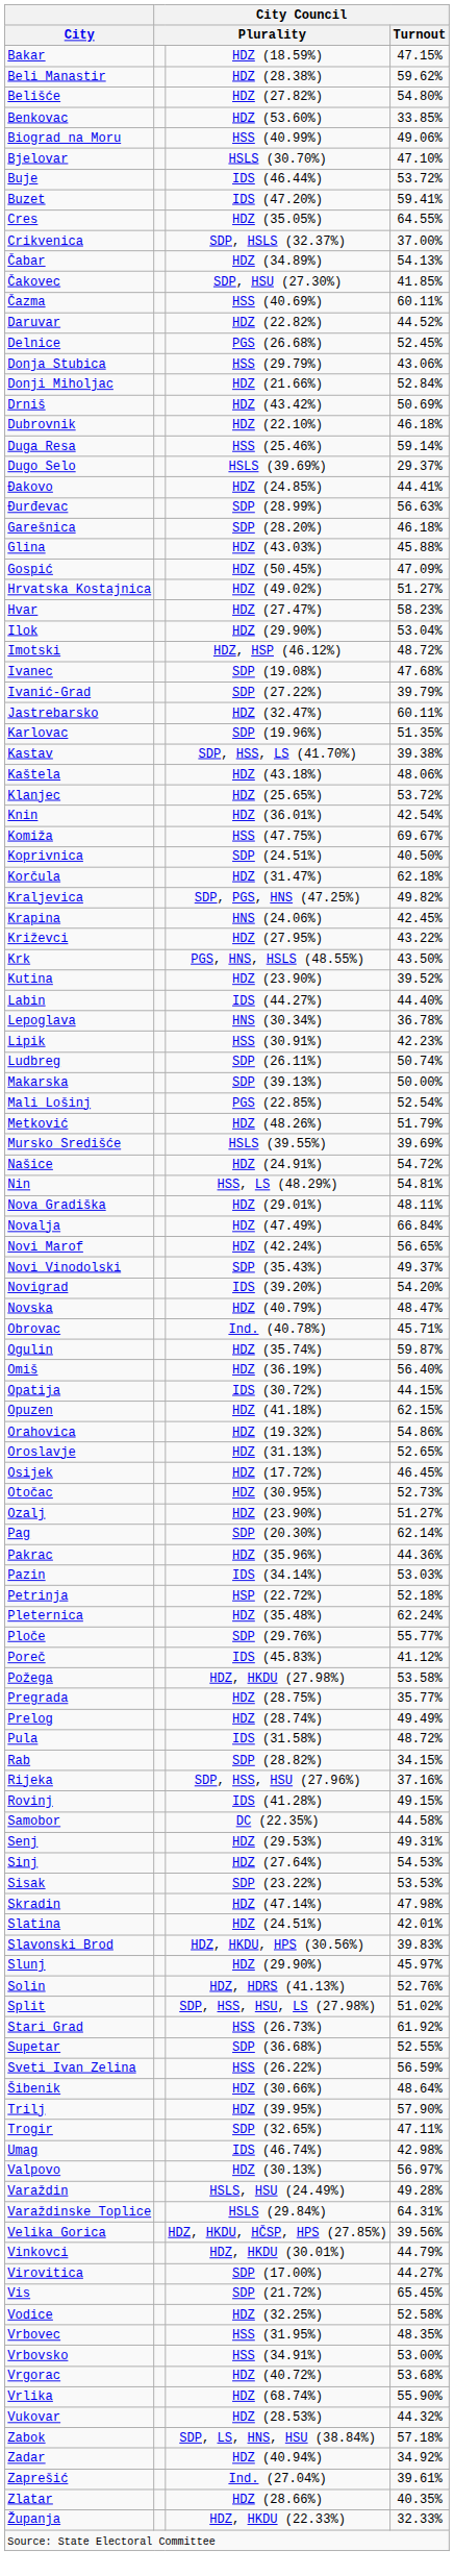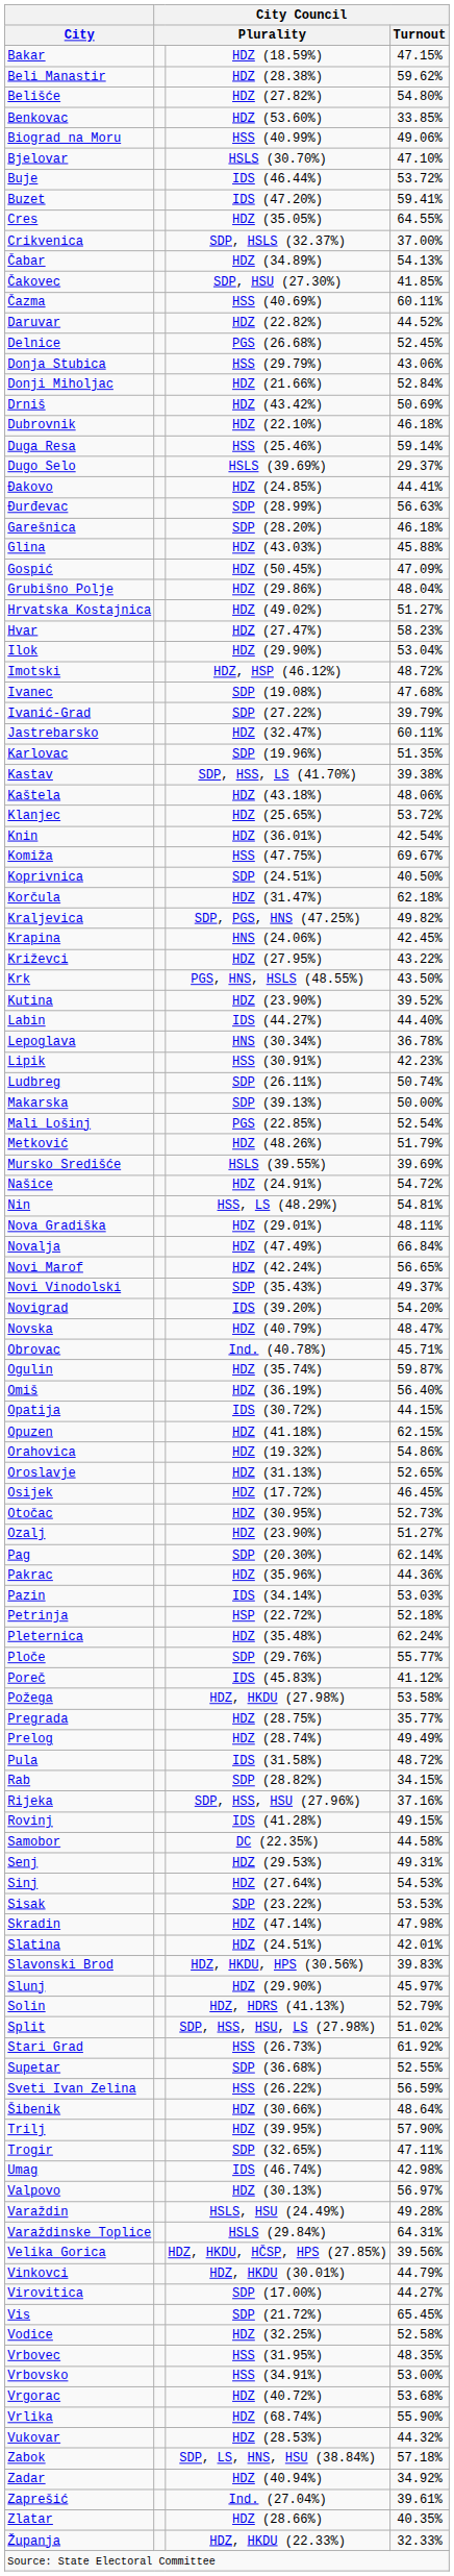 <table class="wikitable sortable">
 <tr>
 <th></th>
 <th class="unsortable" colspan=3>City Council</th>
 </tr>
 <tr>
 <th><a href='#'>City</a></th>
 <th colspan=2>Plurality</th>
 <th>Turnout</th>
 </tr>
 <tr>
 <td><a href='#'>Bakar</a></td>
 <td width=5px style="background-color:"></td>
 <td align=center><a href='#'>HDZ</a> (18.59%)</td>
 <td align=center>47.15%</td>
 </tr>
 <tr>
 <td><a href='#'>Beli Manastir</a></td>
 <td width=5px style="background-color:"></td>
 <td align=center><a href='#'>HDZ</a> (28.38%)</td>
 <td align=center>59.62%</td>
 </tr>
 <tr>
 <td><a href='#'>Belišće</a></td>
 <td width=5px style="background-color:"></td>
 <td align=center><a href='#'>HDZ</a> (27.82%)</td>
 <td align=center>54.80%</td>
 </tr>
 <tr>
 <td><a href='#'>Benkovac</a></td>
 <td width=5px style="background-color:"></td>
 <td align=center><a href='#'>HDZ</a> (53.60%)</td>
 <td align=center>33.85%</td>
 </tr>
 <tr>
 <td><a href='#'>Biograd na Moru</a></td>
 <td width=5px style="background-color:"></td>
 <td align=center><a href='#'>HSS</a> (40.99%)</td>
 <td align=center>49.06%</td>
 </tr>
 <tr>
 <td><a href='#'>Bjelovar</a></td>
 <td width=5px style="background-color:"></td>
 <td align=center><a href='#'>HSLS</a> (30.70%)</td>
 <td align=center>47.10%</td>
 </tr>
 <tr>
 <td><a href='#'>Buje</a></td>
 <td width=5px style="background-color:"></td>
 <td align=center><a href='#'>IDS</a> (46.44%)</td>
 <td align=center>53.72%</td>
 </tr>
 <tr>
 <td><a href='#'>Buzet</a></td>
 <td width=5px style="background-color:"></td>
 <td align=center><a href='#'>IDS</a> (47.20%)</td>
 <td align=center>59.41%</td>
 </tr>
 <tr>
 <td><a href='#'>Cres</a></td>
 <td width=5px style="background-color:"></td>
 <td align=center><a href='#'>HDZ</a> (35.05%)</td>
 <td align=center>64.55%</td>
 </tr>
 <tr>
 <td><a href='#'>Crikvenica</a></td>
 <td width=5px style="background-color:"></td>
 <td align=center><a href='#'>SDP</a>, <a href='#'>HSLS</a> (32.37%)</td>
 <td align=center>37.00%</td>
 </tr>
 <tr>
 <td><a href='#'>Čabar</a></td>
 <td width=5px style="background-color:"></td>
 <td align=center><a href='#'>HDZ</a> (34.89%)</td>
 <td align=center>54.13%</td>
 </tr>
 <tr>
 <td><a href='#'>Čakovec</a></td>
 <td width=5px style="background-color:"></td>
 <td align=center><a href='#'>SDP</a>, <a href='#'>HSU</a> (27.30%)</td>
 <td align=center>41.85%</td>
 </tr>
 <tr>
 <td><a href='#'>Čazma</a></td>
 <td width=5px style="background-color:"></td>
 <td align=center><a href='#'>HSS</a> (40.69%)</td>
 <td align=center>60.11%</td>
 </tr>
 <tr>
 <td><a href='#'>Daruvar</a></td>
 <td width=5px style="background-color:"></td>
 <td align=center><a href='#'>HDZ</a> (22.82%)</td>
 <td align=center>44.52%</td>
 </tr>
 <tr>
 <td><a href='#'>Delnice</a></td>
 <td width=5px style="background-color:"></td>
 <td align=center><a href='#'>PGS</a> (26.68%)</td>
 <td align=center>52.45%</td>
 </tr>
 <tr>
 <td><a href='#'>Donja Stubica</a></td>
 <td width=5px style="background-color:"></td>
 <td align=center><a href='#'>HSS</a> (29.79%)</td>
 <td align=center>43.06%</td>
 </tr>
 <tr>
 <td><a href='#'>Donji Miholjac</a></td>
 <td width=5px style="background-color:"></td>
 <td align=center><a href='#'>HDZ</a> (21.66%)</td>
 <td align=center>52.84%</td>
 </tr>
 <tr>
 <td><a href='#'>Drniš</a></td>
 <td width=5px style="background-color:"></td>
 <td align=center><a href='#'>HDZ</a> (43.42%)</td>
 <td align=center>50.69%</td>
 </tr>
 <tr>
 <td><a href='#'>Dubrovnik</a></td>
 <td width=5px style="background-color:"></td>
 <td align=center><a href='#'>HDZ</a> (22.10%)</td>
 <td align=center>46.18%</td>
 </tr>
 <tr>
 <td><a href='#'>Duga Resa</a></td>
 <td width=5px style="background-color:"></td>
 <td align=center><a href='#'>HSS</a> (25.46%)</td>
 <td align=center>59.14%</td>
 </tr>
 <tr>
 <td><a href='#'>Dugo Selo</a></td>
 <td width=5px style="background-color:"></td>
 <td align=center><a href='#'>HSLS</a> (39.69%)</td>
 <td align=center>29.37%</td>
 </tr>
 <tr>
 <td><a href='#'>Đakovo</a></td>
 <td width=5px style="background-color:"></td>
 <td align=center><a href='#'>HDZ</a> (24.85%)</td>
 <td align=center>44.41%</td>
 </tr>
 <tr>
 <td><a href='#'>Đurđevac</a></td>
 <td width=5px style="background-color:"></td>
 <td align=center><a href='#'>SDP</a> (28.99%)</td>
 <td align=center>56.63%</td>
 </tr>
 <tr>
 <td><a href='#'>Garešnica</a></td>
 <td width=5px style="background-color:"></td>
 <td align=center><a href='#'>SDP</a> (28.20%)</td>
 <td align=center>46.18%</td>
 </tr>
 <tr>
 <td><a href='#'>Glina</a></td>
 <td width=5px style="background-color:"></td>
 <td align=center><a href='#'>HDZ</a> (43.03%)</td>
 <td align=center>45.88%</td>
 </tr>
 <tr>
 <td><a href='#'>Gospić</a></td>
 <td width=5px style="background-color:"></td>
 <td align=center><a href='#'>HDZ</a> (50.45%)</td>
 <td align=center>47.09%</td>
+</tr>
+<tr>
+<td><a href='#'>Grubišno Polje</a></td>
+<td width=5px style="background-color:"></td>
+<td align=center><a href='#'>HDZ</a> (29.86%)</td>
+<td align=center>48.04%</td>
 </tr>
 <tr>
 <td><a href='#'>Hrvatska Kostajnica</a></td>
 <td width=5px style="background-color:"></td>
 <td align=center><a href='#'>HDZ</a> (49.02%)</td>
 <td align=center>51.27%</td>
 </tr>
 <tr>
 <td><a href='#'>Hvar</a></td>
 <td width=5px style="background-color:"></td>
 <td align=center><a href='#'>HDZ</a> (27.47%)</td>
 <td align=center>58.23%</td>
 </tr>
 <tr>
 <td><a href='#'>Ilok</a></td>
 <td width=5px style="background-color:"></td>
 <td align=center><a href='#'>HDZ</a> (29.90%)</td>
 <td align=center>53.04%</td>
 </tr>
 <tr>
 <td><a href='#'>Imotski</a></td>
 <td width=5px style="background-color:"></td>
 <td align=center><a href='#'>HDZ</a>, <a href='#'>HSP</a> (46.12%)</td>
 <td align=center>48.72%</td>
 </tr>
 <tr>
 <td><a href='#'>Ivanec</a></td>
 <td width=5px style="background-color:"></td>
 <td align=center><a href='#'>SDP</a> (19.08%)</td>
 <td align=center>47.68%</td>
 </tr>
 <tr>
 <td><a href='#'>Ivanić-Grad</a></td>
 <td width=5px style="background-color:"></td>
 <td align=center><a href='#'>SDP</a> (27.22%)</td>
 <td align=center>39.79%</td>
 </tr>
 <tr>
 <td><a href='#'>Jastrebarsko</a></td>
 <td width=5px style="background-color:"></td>
 <td align=center><a href='#'>HDZ</a> (32.47%)</td>
 <td align=center>60.11%</td>
 </tr>
 <tr>
 <td><a href='#'>Karlovac</a></td>
 <td width=5px style="background-color:"></td>
 <td align=center><a href='#'>SDP</a> (19.96%)</td>
 <td align=center>51.35%</td>
 </tr>
 <tr>
 <td><a href='#'>Kastav</a></td>
 <td width=5px style="background-color:"></td>
 <td align=center><a href='#'>SDP</a>, <a href='#'>HSS</a>, <a href='#'>LS</a> (41.70%)</td>
 <td align=center>39.38%</td>
 </tr>
 <tr>
 <td><a href='#'>Kaštela</a></td>
 <td width=5px style="background-color:"></td>
 <td align=center><a href='#'>HDZ</a> (43.18%)</td>
 <td align=center>48.06%</td>
 </tr>
 <tr>
 <td><a href='#'>Klanjec</a></td>
 <td width=5px style="background-color:"></td>
 <td align=center><a href='#'>HDZ</a> (25.65%)</td>
 <td align=center>53.72%</td>
 </tr>
 <tr>
 <td><a href='#'>Knin</a></td>
 <td width=5px style="background-color:"></td>
 <td align=center><a href='#'>HDZ</a> (36.01%)</td>
 <td align=center>42.54%</td>
 </tr>
 <tr>
 <td><a href='#'>Komiža</a></td>
 <td width=5px style="background-color:"></td>
 <td align=center><a href='#'>HSS</a> (47.75%)</td>
 <td align=center>69.67%</td>
 </tr>
 <tr>
 <td><a href='#'>Koprivnica</a></td>
 <td width=5px style="background-color:"></td>
 <td align=center><a href='#'>SDP</a> (24.51%)</td>
 <td align=center>40.50%</td>
 </tr>
 <tr>
 <td><a href='#'>Korčula</a></td>
 <td width=5px style="background-color:"></td>
 <td align=center><a href='#'>HDZ</a> (31.47%)</td>
 <td align=center>62.18%</td>
 </tr>
 <tr>
 <td><a href='#'>Kraljevica</a></td>
 <td width=5px style="background-color:"></td>
 <td align=center><a href='#'>SDP</a>, <a href='#'>PGS</a>, <a href='#'>HNS</a> (47.25%)</td>
 <td align=center>49.82%</td>
 </tr>
 <tr>
 <td><a href='#'>Krapina</a></td>
 <td width=5px style="background-color:"></td>
 <td align=center><a href='#'>HNS</a> (24.06%)</td>
 <td align=center>42.45%</td>
 </tr>
 <tr>
 <td><a href='#'>Križevci</a></td>
 <td width=5px style="background-color:"></td>
 <td align=center><a href='#'>HDZ</a> (27.95%)</td>
 <td align=center>43.22%</td>
 </tr>
 <tr>
 <td><a href='#'>Krk</a></td>
 <td width=5px style="background-color:"></td>
 <td align=center><a href='#'>PGS</a>, <a href='#'>HNS</a>, <a href='#'>HSLS</a> (48.55%)</td>
 <td align=center>43.50%</td>
 </tr>
 <tr>
 <td><a href='#'>Kutina</a></td>
 <td width=5px style="background-color:"></td>
 <td align=center><a href='#'>HDZ</a> (23.90%)</td>
 <td align=center>39.52%</td>
 </tr>
 <tr>
 <td><a href='#'>Labin</a></td>
 <td width="5px" style="background-color:"></td>
 <td align="center"><a href='#'>IDS</a> (44.27%)</td>
 <td align="center">44.40%</td>
 </tr>
 <tr>
 <td><a href='#'>Lepoglava</a></td>
 <td width=5px style="background-color:"></td>
 <td align=center><a href='#'>HNS</a> (30.34%)</td>
 <td align=center>36.78%</td>
 </tr>
 <tr>
 <td><a href='#'>Lipik</a></td>
 <td width=5px style="background-color:"></td>
 <td align=center><a href='#'>HSS</a> (30.91%)</td>
 <td align=center>42.23%</td>
 </tr>
 <tr>
 <td><a href='#'>Ludbreg</a></td>
 <td width=5px style="background-color:"></td>
 <td align=center><a href='#'>SDP</a> (26.11%)</td>
 <td align=center>50.74%</td>
 </tr>
 <tr>
 <td><a href='#'>Makarska</a></td>
 <td width=5px style="background-color:"></td>
 <td align=center><a href='#'>SDP</a> (39.13%)</td>
 <td align=center>50.00%</td>
 </tr>
 <tr>
 <td><a href='#'>Mali Lošinj</a></td>
 <td width=5px style="background-color:"></td>
 <td align=center><a href='#'>PGS</a> (22.85%)</td>
 <td align=center>52.54%</td>
 </tr>
 <tr>
 <td><a href='#'>Metković</a></td>
 <td width=5px style="background-color:"></td>
 <td align=center><a href='#'>HDZ</a> (48.26%)</td>
 <td align=center>51.79%</td>
 </tr>
 <tr>
 <td><a href='#'>Mursko Središće</a></td>
 <td width=5px style="background-color:"></td>
 <td align=center><a href='#'>HSLS</a> (39.55%)</td>
 <td align=center>39.69%</td>
 </tr>
 <tr>
 <td><a href='#'>Našice</a></td>
 <td width=5px style="background-color:"></td>
 <td align=center><a href='#'>HDZ</a> (24.91%)</td>
 <td align=center>54.72%</td>
 </tr>
 <tr>
 <td><a href='#'>Nin</a></td>
 <td width=5px style="background-color:"></td>
 <td align=center><a href='#'>HSS</a>, <a href='#'>LS</a> (48.29%)</td>
 <td align=center>54.81%</td>
 </tr>
 <tr>
 <td><a href='#'>Nova Gradiška</a></td>
 <td width=5px style="background-color:"></td>
 <td align=center><a href='#'>HDZ</a> (29.01%)</td>
 <td align=center>48.11%</td>
 </tr>
 <tr>
 <td><a href='#'>Novalja</a></td>
 <td width=5px style="background-color:"></td>
 <td align=center><a href='#'>HDZ</a> (47.49%)</td>
 <td align=center>66.84%</td>
 </tr>
 <tr>
 <td><a href='#'>Novi Marof</a></td>
 <td width=5px style="background-color:"></td>
 <td align=center><a href='#'>HDZ</a> (42.24%)</td>
 <td align=center>56.65%</td>
 </tr>
 <tr>
 <td><a href='#'>Novi Vinodolski</a></td>
 <td width=5px style="background-color:"></td>
 <td align=center><a href='#'>SDP</a> (35.43%)</td>
 <td align=center>49.37%</td>
 </tr>
 <tr>
 <td><a href='#'>Novigrad</a></td>
 <td width=5px style="background-color:"></td>
 <td align=center><a href='#'>IDS</a> (39.20%)</td>
 <td align=center>54.20%</td>
 </tr>
 <tr>
 <td><a href='#'>Novska</a></td>
 <td width=5px style="background-color:"></td>
 <td align=center><a href='#'>HDZ</a> (40.79%)</td>
 <td align=center>48.47%</td>
 </tr>
 <tr>
 <td><a href='#'>Obrovac</a></td>
 <td width=5px style="background-color:"></td>
 <td align=center><a href='#'>Ind.</a> (40.78%)</td>
 <td align=center>45.71%</td>
 </tr>
 <tr>
 <td><a href='#'>Ogulin</a></td>
 <td width=5px style="background-color:"></td>
 <td align=center><a href='#'>HDZ</a> (35.74%)</td>
 <td align=center>59.87%</td>
 </tr>
 <tr>
 <td><a href='#'>Omiš</a></td>
 <td width=5px style="background-color:"></td>
 <td align=center><a href='#'>HDZ</a> (36.19%)</td>
 <td align=center>56.40%</td>
 </tr>
 <tr>
 <td><a href='#'>Opatija</a></td>
 <td width=5px style="background-color:"></td>
 <td align=center><a href='#'>IDS</a> (30.72%)</td>
 <td align=center>44.15%</td>
 </tr>
 <tr>
 <td><a href='#'>Opuzen</a></td>
 <td width=5px style="background-color:"></td>
 <td align=center><a href='#'>HDZ</a> (41.18%)</td>
 <td align=center>62.15%</td>
 </tr>
 <tr>
 <td><a href='#'>Orahovica</a></td>
 <td width=5px style="background-color:"></td>
 <td align=center><a href='#'>HDZ</a> (19.32%)</td>
 <td align=center>54.86%</td>
 </tr>
 <tr>
 <td><a href='#'>Oroslavje</a></td>
 <td width=5px style="background-color:"></td>
 <td align=center><a href='#'>HDZ</a> (31.13%)</td>
 <td align=center>52.65%</td>
 </tr>
 <tr>
 <td><a href='#'>Osijek</a></td>
 <td width=5px style="background-color:"></td>
 <td align=center><a href='#'>HDZ</a> (17.72%)</td>
 <td align=center>46.45%</td>
 </tr>
 <tr>
 <td><a href='#'>Otočac</a></td>
 <td width=5px style="background-color:"></td>
 <td align=center><a href='#'>HDZ</a> (30.95%)</td>
 <td align=center>52.73%</td>
 </tr>
 <tr>
 <td><a href='#'>Ozalj</a></td>
 <td width=5px style="background-color:"></td>
 <td align=center><a href='#'>HDZ</a> (23.90%)</td>
 <td align=center>51.27%</td>
 </tr>
 <tr>
 <td><a href='#'>Pag</a></td>
 <td width=5px style="background-color:"></td>
 <td align=center><a href='#'>SDP</a> (20.30%)</td>
 <td align=center>62.14%</td>
 </tr>
 <tr>
 <td><a href='#'>Pakrac</a></td>
 <td width=5px style="background-color:"></td>
 <td align=center><a href='#'>HDZ</a> (35.96%)</td>
 <td align=center>44.36%</td>
 </tr>
 <tr>
 <td><a href='#'>Pazin</a></td>
 <td width=5px style="background-color:"></td>
 <td align=center><a href='#'>IDS</a> (34.14%)</td>
 <td align=center>53.03%</td>
 </tr>
 <tr>
 <td><a href='#'>Petrinja</a></td>
 <td width=5px style="background-color:"></td>
 <td align=center><a href='#'>HSP</a> (22.72%)</td>
 <td align=center>52.18%</td>
 </tr>
 <tr>
 <td><a href='#'>Pleternica</a></td>
 <td width=5px style="background-color:"></td>
 <td align=center><a href='#'>HDZ</a> (35.48%)</td>
 <td align=center>62.24%</td>
 </tr>
 <tr>
 <td><a href='#'>Ploče</a></td>
 <td width=5px style="background-color:"></td>
 <td align=center><a href='#'>SDP</a> (29.76%)</td>
 <td align=center>55.77%</td>
 </tr>
 <tr>
 <td><a href='#'>Poreč</a></td>
 <td width=5px style="background-color:"></td>
 <td align=center><a href='#'>IDS</a> (45.83%)</td>
 <td align=center>41.12%</td>
 </tr>
 <tr>
 <td><a href='#'>Požega</a></td>
 <td width=5px style="background-color:"></td>
 <td align=center><a href='#'>HDZ</a>, <a href='#'>HKDU</a> (27.98%)</td>
 <td align=center>53.58%</td>
 </tr>
 <tr>
 <td><a href='#'>Pregrada</a></td>
 <td width=5px style="background-color:"></td>
 <td align=center><a href='#'>HDZ</a> (28.75%)</td>
 <td align=center>35.77%</td>
 </tr>
 <tr>
 <td><a href='#'>Prelog</a></td>
 <td width=5px style="background-color:"></td>
 <td align=center><a href='#'>HDZ</a> (28.74%)</td>
 <td align=center>49.49%</td>
 </tr>
 <tr>
 <td><a href='#'>Pula</a></td>
 <td width=5px style="background-color:"></td>
 <td align=center><a href='#'>IDS</a> (31.58%)</td>
 <td align=center>48.72%</td>
 </tr>
 <tr>
 <td><a href='#'>Rab</a></td>
 <td width=5px style="background-color:"></td>
 <td align=center><a href='#'>SDP</a> (28.82%)</td>
 <td align=center>34.15%</td>
 </tr>
 <tr>
 <td><a href='#'>Rijeka</a></td>
 <td width=5px style="background-color:"></td>
 <td align=center><a href='#'>SDP</a>, <a href='#'>HSS</a>, <a href='#'>HSU</a> (27.96%)</td>
 <td align=center>37.16%</td>
 </tr>
 <tr>
 <td><a href='#'>Rovinj</a></td>
 <td width=5px style="background-color:"></td>
 <td align=center><a href='#'>IDS</a> (41.28%)</td>
 <td align=center>49.15%</td>
 </tr>
 <tr>
 <td><a href='#'>Samobor</a></td>
 <td width=5px style="background-color:"></td>
 <td align=center><a href='#'>DC</a> (22.35%)</td>
 <td align=center>44.58%</td>
 </tr>
 <tr>
 <td><a href='#'>Senj</a></td>
 <td width=5px style="background-color:"></td>
 <td align=center><a href='#'>HDZ</a> (29.53%)</td>
 <td align=center>49.31%</td>
 </tr>
 <tr>
 <td><a href='#'>Sinj</a></td>
 <td width=5px style="background-color:"></td>
 <td align=center><a href='#'>HDZ</a> (27.64%)</td>
 <td align=center>54.53%</td>
 </tr>
 <tr>
 <td><a href='#'>Sisak</a></td>
 <td width=5px style="background-color:"></td>
 <td align=center><a href='#'>SDP</a> (23.22%)</td>
 <td align=center>53.53%</td>
 </tr>
 <tr>
 <td><a href='#'>Skradin</a></td>
 <td width=5px style="background-color:"></td>
 <td align=center><a href='#'>HDZ</a> (47.14%)</td>
 <td align=center>47.98%</td>
 </tr>
 <tr>
 <td><a href='#'>Slatina</a></td>
 <td width=5px style="background-color:"></td>
 <td align=center><a href='#'>HDZ</a> (24.51%)</td>
 <td align=center>42.01%</td>
 </tr>
 <tr>
 <td><a href='#'>Slavonski Brod</a></td>
 <td width=5px style="background-color:"></td>
 <td align=center><a href='#'>HDZ</a>, <a href='#'>HKDU</a>, <a href='#'>HPS</a> (30.56%)</td>
 <td align=center>39.83%</td>
 </tr>
 <tr>
 <td><a href='#'>Slunj</a></td>
 <td width=5px style="background-color:"></td>
 <td align=center><a href='#'>HDZ</a> (29.90%)</td>
 <td align=center>45.97%</td>
 </tr>
 <tr>
 <td><a href='#'>Solin</a></td>
 <td width=5px style="background-color:"></td>
 <td align=center><a href='#'>HDZ</a>, <a href='#'>HDRS</a> (41.13%)</td>
-<td align=center>52.76%</td>
+<td align=center>52.79%</td>
 </tr>
 <tr>
 <td><a href='#'>Split</a></td>
 <td width=5px style="background-color:"></td>
 <td align=center><a href='#'>SDP</a>, <a href='#'>HSS</a>, <a href='#'>HSU</a>, <a href='#'>LS</a> (27.98%)</td>
 <td align=center>51.02%</td>
 </tr>
 <tr>
 <td><a href='#'>Stari Grad</a></td>
 <td width=5px style="background-color:"></td>
 <td align=center><a href='#'>HSS</a> (26.73%)</td>
 <td align=center>61.92%</td>
 </tr>
 <tr>
 <td><a href='#'>Supetar</a></td>
 <td width=5px style="background-color:"></td>
 <td align=center><a href='#'>SDP</a> (36.68%)</td>
 <td align=center>52.55%</td>
 </tr>
 <tr>
 <td><a href='#'>Sveti Ivan Zelina</a></td>
 <td width=5px style="background-color:"></td>
 <td align=center><a href='#'>HSS</a> (26.22%)</td>
 <td align=center>56.59%</td>
 </tr>
 <tr>
 <td><a href='#'>Šibenik</a></td>
 <td width=5px style="background-color:"></td>
 <td align=center><a href='#'>HDZ</a> (30.66%)</td>
 <td align=center>48.64%</td>
 </tr>
 <tr>
 <td><a href='#'>Trilj</a></td>
 <td width=5px style="background-color:"></td>
 <td align=center><a href='#'>HDZ</a> (39.95%)</td>
 <td align=center>57.90%</td>
 </tr>
 <tr>
 <td><a href='#'>Trogir</a></td>
 <td width=5px style="background-color:"></td>
 <td align=center><a href='#'>SDP</a> (32.65%)</td>
 <td align=center>47.11%</td>
 </tr>
 <tr>
 <td><a href='#'>Umag</a></td>
 <td width=5px style="background-color:"></td>
 <td align=center><a href='#'>IDS</a> (46.74%)</td>
 <td align=center>42.98%</td>
 </tr>
 <tr>
 <td><a href='#'>Valpovo</a></td>
 <td width=5px style="background-color:"></td>
 <td align=center><a href='#'>HDZ</a> (30.13%)</td>
 <td align=center>56.97%</td>
 </tr>
 <tr>
 <td><a href='#'>Varaždin</a></td>
 <td width=5px style="background-color:"></td>
 <td align=center><a href='#'>HSLS</a>, <a href='#'>HSU</a> (24.49%)</td>
 <td align=center>49.28%</td>
 </tr>
 <tr>
 <td><a href='#'>Varaždinske Toplice</a></td>
 <td width=5px style="background-color:"></td>
 <td align=center><a href='#'>HSLS</a> (29.84%)</td>
 <td align=center>64.31%</td>
 </tr>
 <tr>
 <td><a href='#'>Velika Gorica</a></td>
 <td width=5px style="background-color:"></td>
 <td align=center><a href='#'>HDZ</a>, <a href='#'>HKDU</a>, <a href='#'>HČSP</a>, <a href='#'>HPS</a> (27.85%)</td>
 <td align=center>39.56%</td>
 </tr>
 <tr>
 <td><a href='#'>Vinkovci</a></td>
 <td width=5px style="background-color:"></td>
 <td align=center><a href='#'>HDZ</a>, <a href='#'>HKDU</a> (30.01%)</td>
 <td align=center>44.79%</td>
 </tr>
 <tr>
 <td><a href='#'>Virovitica</a></td>
 <td width=5px style="background-color:"></td>
 <td align=center><a href='#'>SDP</a> (17.00%)</td>
 <td align=center>44.27%</td>
 </tr>
 <tr>
 <td><a href='#'>Vis</a></td>
 <td width=5px style="background-color:"></td>
 <td align=center><a href='#'>SDP</a> (21.72%)</td>
 <td align=center>65.45%</td>
 </tr>
 <tr>
 <td><a href='#'>Vodice</a></td>
 <td width=5px style="background-color:"></td>
 <td align=center><a href='#'>HDZ</a> (32.25%)</td>
 <td align=center>52.58%</td>
 </tr>
 <tr>
 <td><a href='#'>Vrbovec</a></td>
 <td width=5px style="background-color:"></td>
 <td align=center><a href='#'>HSS</a> (31.95%)</td>
 <td align=center>48.35%</td>
 </tr>
 <tr>
 <td><a href='#'>Vrbovsko</a></td>
 <td width=5px style="background-color:"></td>
 <td align=center><a href='#'>HSS</a> (34.91%)</td>
 <td align=center>53.00%</td>
 </tr>
 <tr>
 <td><a href='#'>Vrgorac</a></td>
 <td width=5px style="background-color:"></td>
 <td align=center><a href='#'>HDZ</a> (40.72%)</td>
 <td align=center>53.68%</td>
 </tr>
 <tr>
 <td><a href='#'>Vrlika</a></td>
 <td width=5px style="background-color:"></td>
 <td align=center><a href='#'>HDZ</a> (68.74%)</td>
 <td align=center>55.90%</td>
 </tr>
 <tr>
 <td><a href='#'>Vukovar</a></td>
 <td width=5px style="background-color:"></td>
 <td align=center><a href='#'>HDZ</a> (28.53%)</td>
 <td align=center>44.32%</td>
 </tr>
 <tr>
 <td><a href='#'>Zabok</a></td>
 <td width=5px style="background-color:"></td>
 <td align=center><a href='#'>SDP</a>, <a href='#'>LS</a>, <a href='#'>HNS</a>, <a href='#'>HSU</a> (38.84%)</td>
 <td align=center>57.18%</td>
 </tr>
 <tr>
 <td><a href='#'>Zadar</a></td>
 <td width=5px style="background-color:"></td>
 <td align=center><a href='#'>HDZ</a> (40.94%)</td>
 <td align=center>34.92%</td>
 </tr>
 <tr>
 <td><a href='#'>Zaprešić</a></td>
 <td width=5px style="background-color:"></td>
 <td align=center><a href='#'>Ind.</a> (27.04%)</td>
 <td align=center>39.61%</td>
 </tr>
 <tr>
 <td><a href='#'>Zlatar</a></td>
 <td width=5px style="background-color:"></td>
 <td align=center><a href='#'>HDZ</a> (28.66%)</td>
 <td align=center>40.35%</td>
 </tr>
 <tr>
 <td><a href='#'>Županja</a></td>
 <td width=5px style="background-color:"></td>
 <td align=center><a href='#'>HDZ</a>, <a href='#'>HKDU</a> (22.33%)</td>
 <td align=center>32.33%</td>
 </tr>
 <tr>
 <td colspan="4"><small>Source: State Electoral Committee</small></td>
 </tr>
 </table>
